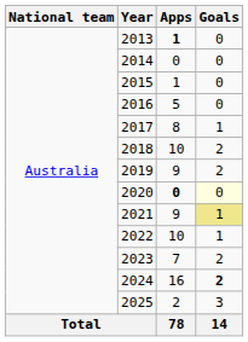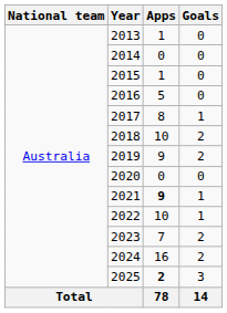 <table class="wikitable" style="text-align:center">
 <tr>
 <th>National team</th>
 <th>Year</th>
 <th>Apps</th>
 <th>Goals</th>
 </tr>
 <tr>
 <td rowspan="13"><a href='#'>Australia</a></td>
 <td>2013</td>
-<td><strong>1</strong></td>
+<td>1</td>
 <td>0</td>
 </tr>
 <tr>
 <td>2014</td>
 <td>0</td>
 <td>0</td>
 </tr>
 <tr>
 <td>2015</td>
 <td>1</td>
 <td>0</td>
 </tr>
 <tr>
 <td>2016</td>
 <td>5</td>
 <td>0</td>
 </tr>
 <tr>
 <td>2017</td>
 <td>8</td>
 <td>1</td>
 </tr>
 <tr>
 <td>2018</td>
 <td>10</td>
 <td>2</td>
 </tr>
 <tr>
 <td>2019</td>
 <td>9</td>
 <td>2</td>
 </tr>
 <tr>
 <td>2020</td>
-<td><strong>0</strong></td>
-<td style="background: lightyellow;">0</td>
+<td>0</td>
+<td>0</td>
 </tr>
 <tr>
 <td>2021</td>
-<td>9</td>
-<td style="background: khaki;">1</td>
+<td><strong>9</strong></td>
+<td>1</td>
 </tr>
 <tr>
 <td>2022</td>
 <td>10</td>
 <td>1</td>
 </tr>
 <tr>
 <td>2023</td>
 <td>7</td>
 <td>2</td>
 </tr>
 <tr>
 <td>2024</td>
 <td>16</td>
-<td><strong>2</strong></td>
+<td>2</td>
 </tr>
 <tr>
 <td>2025</td>
-<td>2</td>
+<td><strong>2</strong></td>
 <td>3</td>
 </tr>
 <tr>
 <th colspan="2">Total</th>
 <th>78</th>
 <th>14</th>
 </tr>
 </table>
